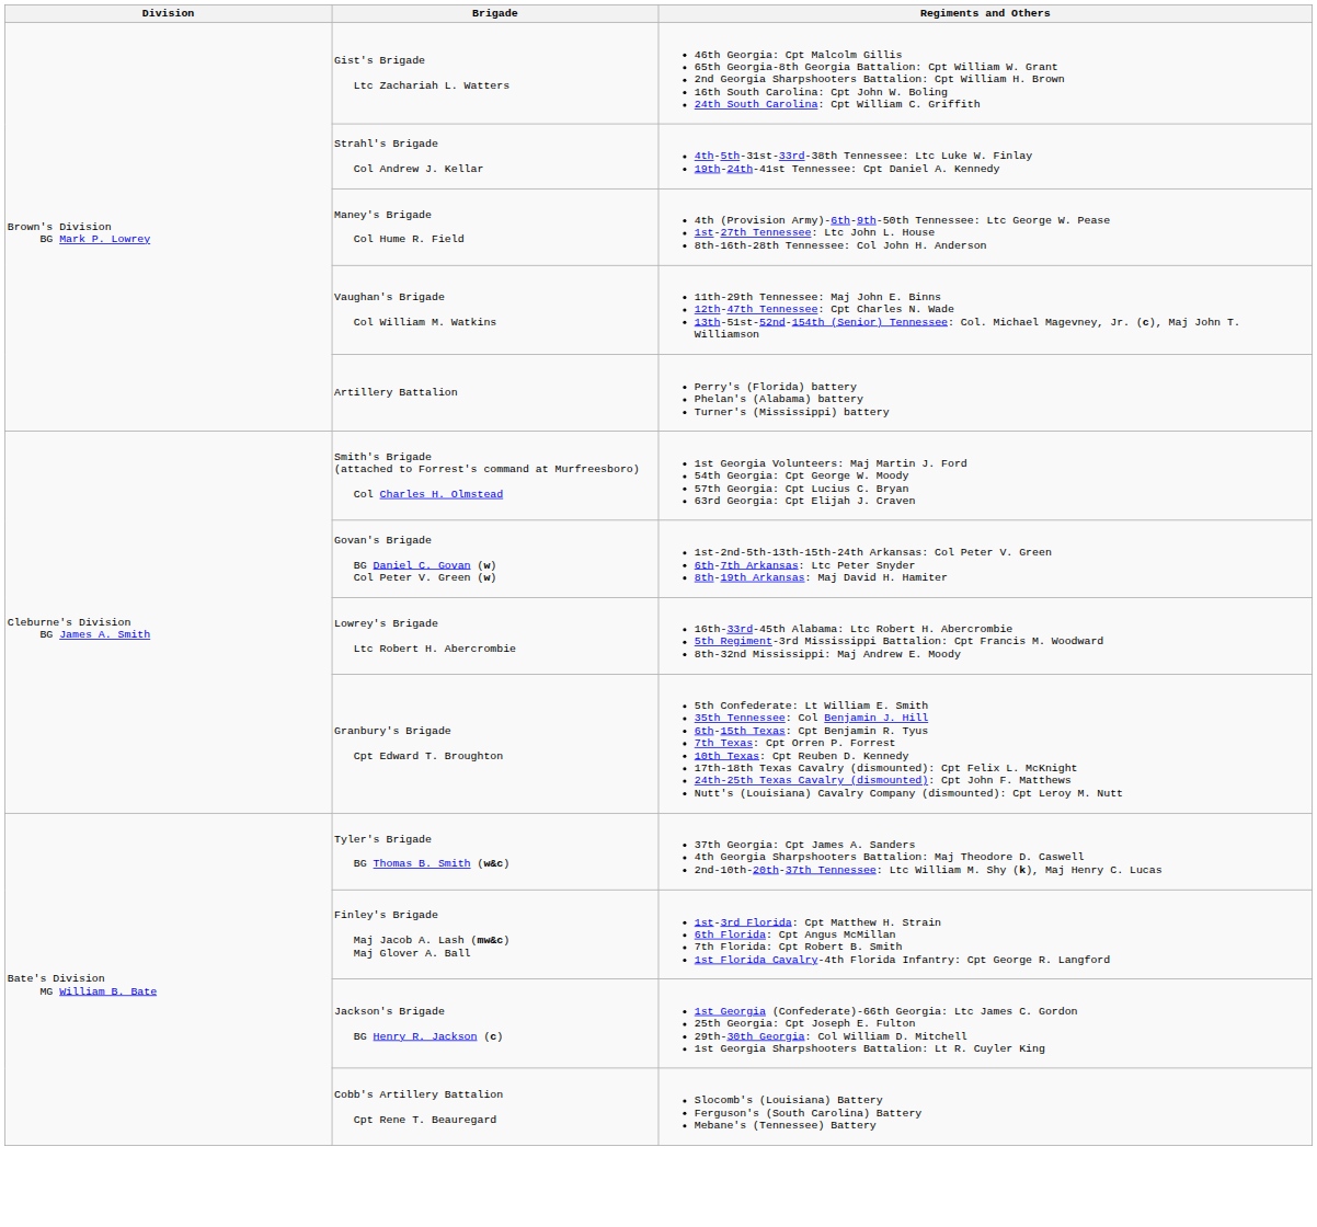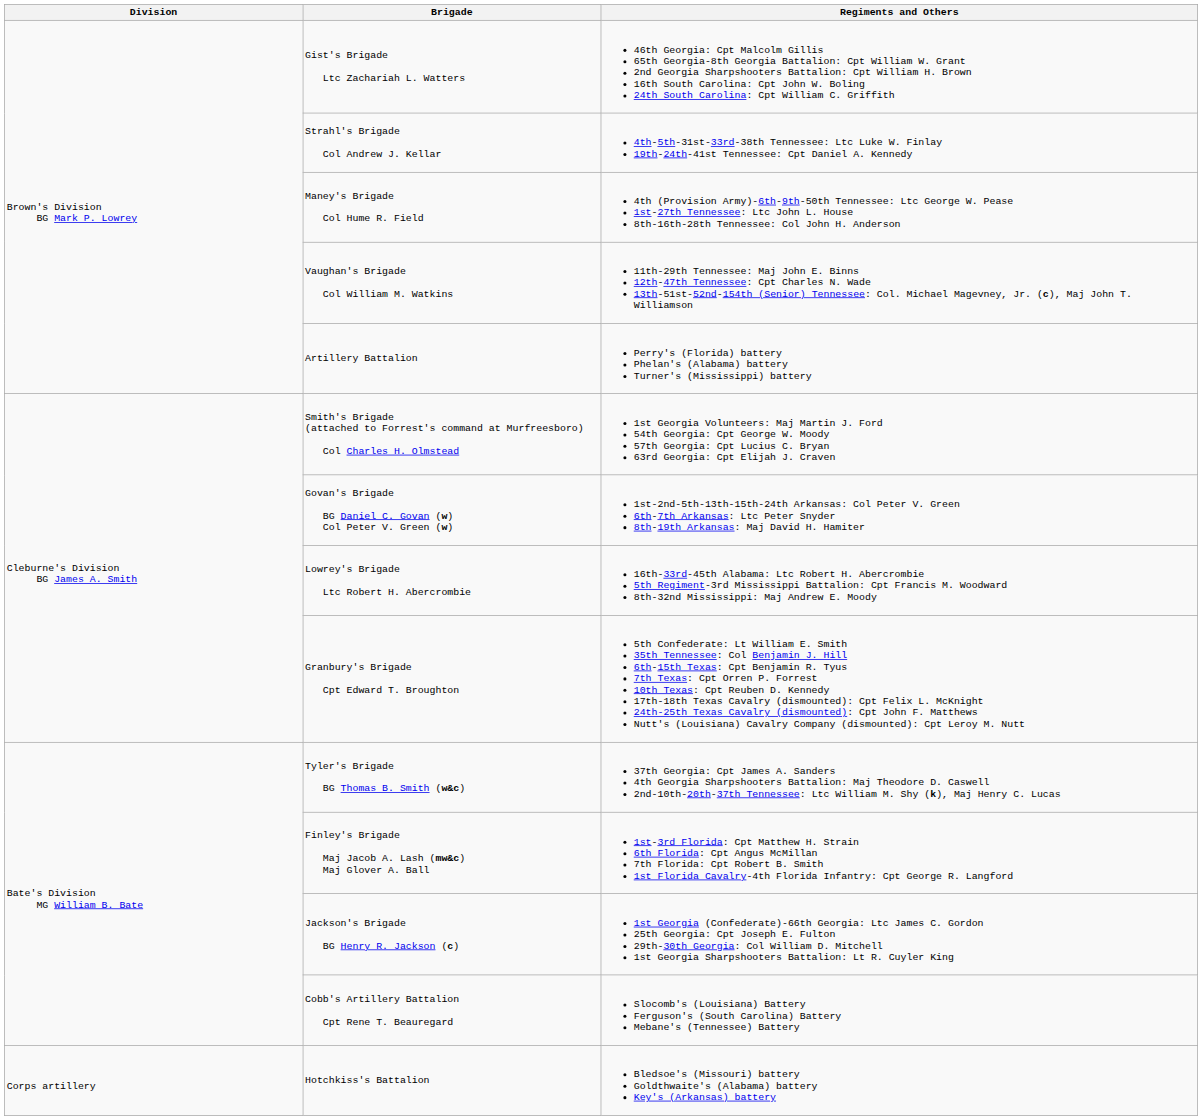 <table class="wikitable">
 <tr>
 <th width=25%>Division</th>
 <th width=25%>Brigade</th>
 <th>Regiments and Others</th>
 </tr>
 <tr>
 <td rowspan=5><br>Brown's Division <br>     BG <a href='#'>Mark P. Lowrey</a></td>
 <td>Gist's Brigade<br><br>   Ltc Zachariah L. Watters</td>
 <td><br><ul><li>46th Georgia: Cpt Malcolm Gillis</li><li>65th Georgia-8th Georgia Battalion: Cpt William W. Grant</li><li>2nd Georgia Sharpshooters Battalion: Cpt William H. Brown</li><li>16th South Carolina: Cpt John W. Boling</li><li><a href='#'>24th South Carolina</a>: Cpt William C. Griffith</li></ul></td>
 </tr>
 <tr>
 <td>Strahl's Brigade<br><br>   Col Andrew J. Kellar</td>
 <td><br><ul><li><a href='#'>4th</a>-<a href='#'>5th</a>-31st-<a href='#'>33rd</a>-38th Tennessee: Ltc Luke W. Finlay</li><li><a href='#'>19th</a>-<a href='#'>24th</a>-41st Tennessee: Cpt Daniel A. Kennedy</li></ul></td>
 </tr>
 <tr>
 <td>Maney's Brigade<br><br>   Col Hume R. Field</td>
 <td><br><ul><li>4th (Provision Army)-<a href='#'>6th</a>-<a href='#'>9th</a>-50th Tennessee: Ltc George W. Pease</li><li><a href='#'>1st</a>-<a href='#'>27th Tennessee</a>: Ltc John L. House</li><li>8th-16th-28th Tennessee: Col John H. Anderson</li></ul></td>
 </tr>
 <tr>
 <td>Vaughan's Brigade<br><br>   Col William M. Watkins</td>
 <td><br><ul><li>11th-29th Tennessee: Maj John E. Binns</li><li><a href='#'>12th</a>-<a href='#'>47th Tennessee</a>: Cpt Charles N. Wade</li><li><a href='#'>13th</a>-51st-<a href='#'>52nd</a>-<a href='#'>154th (Senior) Tennessee</a>: Col. Michael Magevney, Jr. (<strong>c</strong>), Maj John T. Williamson</li></ul></td>
 </tr>
 <tr>
 <td>Artillery Battalion</td>
 <td><br><ul><li>Perry's (Florida) battery</li><li>Phelan's (Alabama) battery</li><li>Turner's (Mississippi) battery</li></ul></td>
 </tr>
 <tr>
 <td rowspan=4><br>Cleburne's Division <br>     BG <a href='#'>James A. Smith</a></td>
 <td>Smith's Brigade<br>(attached to Forrest's command at Murfreesboro)<br><br>   Col <a href='#'>Charles H. Olmstead</a></td>
 <td><br><ul><li>1st Georgia Volunteers: Maj Martin J. Ford</li><li>54th Georgia: Cpt George W. Moody</li><li>57th Georgia: Cpt Lucius C. Bryan</li><li>63rd Georgia: Cpt Elijah J. Craven</li></ul></td>
 </tr>
 <tr>
 <td>Govan's Brigade<br><br>   BG <a href='#'>Daniel C. Govan</a> (<strong>w</strong>) <br>   Col Peter V. Green (<strong>w</strong>)</td>
 <td><br><ul><li>1st-2nd-5th-13th-15th-24th Arkansas: Col Peter V. Green</li><li><a href='#'>6th</a>-<a href='#'>7th Arkansas</a>: Ltc Peter Snyder</li><li><a href='#'>8th</a>-<a href='#'>19th Arkansas</a>: Maj David H. Hamiter</li></ul></td>
 </tr>
 <tr>
 <td>Lowrey's Brigade<br><br>   Ltc Robert H. Abercrombie</td>
 <td><br><ul><li>16th-<a href='#'>33rd</a>-45th Alabama: Ltc Robert H. Abercrombie</li><li><a href='#'>5th Regiment</a>-3rd Mississippi Battalion: Cpt Francis M. Woodward</li><li>8th-32nd Mississippi: Maj Andrew E. Moody</li></ul></td>
 </tr>
 <tr>
 <td>Granbury's Brigade<br><br>   Cpt Edward T. Broughton</td>
 <td><br><ul><li>5th Confederate: Lt William E. Smith</li><li><a href='#'>35th Tennessee</a>: Col <a href='#'>Benjamin J. Hill</a></li><li><a href='#'>6th</a>-<a href='#'>15th Texas</a>: Cpt Benjamin R. Tyus</li><li><a href='#'>7th Texas</a>: Cpt Orren P. Forrest</li><li><a href='#'>10th Texas</a>: Cpt Reuben D. Kennedy</li><li>17th-18th Texas Cavalry (dismounted): Cpt Felix L. McKnight</li><li><a href='#'>24th-25th Texas Cavalry (dismounted)</a>: Cpt John F. Matthews</li><li>Nutt's (Louisiana) Cavalry Company (dismounted): Cpt Leroy M. Nutt</li></ul></td>
 </tr>
 <tr>
 <td rowspan=4><br>Bate's Division <br>     MG <a href='#'>William B. Bate</a></td>
 <td>Tyler's Brigade<br><br>   BG <a href='#'>Thomas B. Smith</a> (<strong>w&c</strong>)</td>
 <td><br><ul><li>37th Georgia: Cpt James A. Sanders</li><li>4th Georgia Sharpshooters Battalion: Maj Theodore D. Caswell</li><li>2nd-10th-<a href='#'>20th</a>-<a href='#'>37th Tennessee</a>: Ltc William M. Shy (<strong>k</strong>), Maj Henry C. Lucas</li></ul></td>
 </tr>
 <tr>
 <td>Finley's Brigade<br><br>   Maj Jacob A. Lash (<strong>mw&c</strong>) <br>   Maj Glover A. Ball</td>
 <td><br><ul><li><a href='#'>1st</a>-<a href='#'>3rd Florida</a>: Cpt Matthew H. Strain</li><li><a href='#'>6th Florida</a>: Cpt Angus McMillan</li><li>7th Florida: Cpt Robert B. Smith</li><li><a href='#'>1st Florida Cavalry</a>-4th Florida Infantry: Cpt George R. Langford</li></ul></td>
 </tr>
 <tr>
 <td>Jackson's Brigade<br><br>   BG <a href='#'>Henry R. Jackson</a> (<strong>c</strong>)</td>
 <td><br><ul><li><a href='#'>1st Georgia</a> (Confederate)-66th Georgia: Ltc James C. Gordon</li><li>25th Georgia: Cpt Joseph E. Fulton</li><li>29th-<a href='#'>30th Georgia</a>: Col William D. Mitchell</li><li>1st Georgia Sharpshooters Battalion: Lt R. Cuyler King</li></ul></td>
 </tr>
 <tr>
 <td>Cobb's Artillery Battalion<br><br>   Cpt Rene T. Beauregard</td>
 <td><br><ul><li>Slocomb's (Louisiana) Battery</li><li>Ferguson's (South Carolina) Battery</li><li>Mebane's (Tennessee) Battery</li></ul></td>
 </tr>
+<tr>
+<td rowspan=1><br>Corps artillery</td>
+<td>Hotchkiss's Battalion</td>
+<td><br><ul><li>Bledsoe's (Missouri) battery</li><li>Goldthwaite's (Alabama) battery</li><li><a href='#'>Key's (Arkansas) battery</a></li></ul></td>
+</tr>
 </table>
